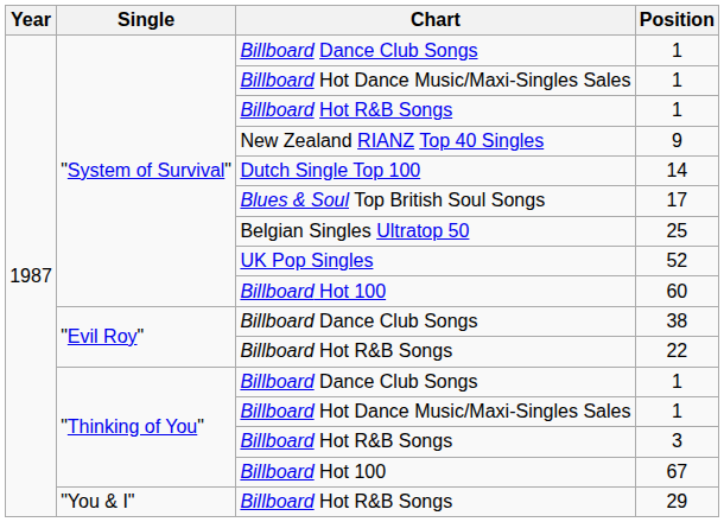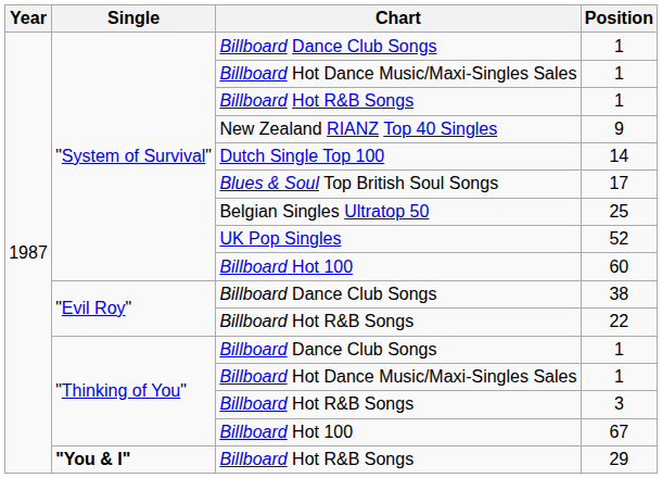 <table class="wikitable" border="1">
 <tr>
 <th>Year</th>
 <th>Single</th>
 <th>Chart</th>
 <th>Position</th>
 </tr>
 <tr>
 <td rowspan="16">1987</td>
 <td rowspan="9">"<a href='#'>System of Survival</a>"</td>
 <td><em><a href='#'>Billboard</a></em> <a href='#'>Dance Club Songs</a></td>
 <td align="center">1</td>
 </tr>
 <tr>
 <td><em><a href='#'>Billboard</a></em> Hot Dance Music/Maxi-Singles Sales</td>
 <td align="center">1</td>
 </tr>
 <tr>
 <td><em><a href='#'>Billboard</a></em> <a href='#'>Hot R&B Songs</a></td>
 <td align="center">1</td>
 </tr>
 <tr>
 <td>New Zealand <a href='#'>RIANZ</a> <a href='#'>Top 40 Singles</a></td>
 <td align="center">9</td>
 </tr>
 <tr>
 <td><a href='#'>Dutch Single Top 100</a></td>
 <td align="center">14</td>
 </tr>
 <tr>
 <td><em><a href='#'>Blues & Soul</a></em> Top British Soul Songs</td>
 <td align="center">17</td>
 </tr>
 <tr>
 <td>Belgian Singles <a href='#'>Ultratop 50</a></td>
 <td align="center">25</td>
 </tr>
 <tr>
 <td><a href='#'>UK Pop Singles</a></td>
 <td align="center">52</td>
 </tr>
 <tr>
 <td><a href='#'><em>Billboard</em> Hot 100</a></td>
 <td align="center">60</td>
 </tr>
 <tr>
 <td rowspan="2">"<a href='#'>Evil Roy</a>"</td>
 <td><em>Billboard</em> Dance Club Songs</td>
 <td align="center">38</td>
 </tr>
 <tr>
 <td><em>Billboard</em> Hot R&B Songs</td>
 <td align="center">22</td>
 </tr>
 <tr>
 <td rowspan="4">"<a href='#'>Thinking of You</a>"</td>
 <td><em><a href='#'>Billboard</a></em> Dance Club Songs</td>
 <td align="center">1</td>
 </tr>
 <tr>
 <td><em><a href='#'>Billboard</a></em> Hot Dance Music/Maxi-Singles Sales</td>
 <td align="center">1</td>
 </tr>
 <tr>
 <td><em><a href='#'>Billboard</a></em> Hot R&B Songs</td>
 <td align="center">3</td>
 </tr>
 <tr>
 <td><em><a href='#'>Billboard</a></em> Hot 100</td>
 <td align="center">67</td>
 </tr>
 <tr>
-<td>"You & I"</td>
+<td><strong>"You & I"</strong></td>
 <td><em><a href='#'>Billboard</a></em> Hot R&B Songs</td>
 <td align="center">29</td>
 </tr>
 <tr>
 </tr>
 </table>
